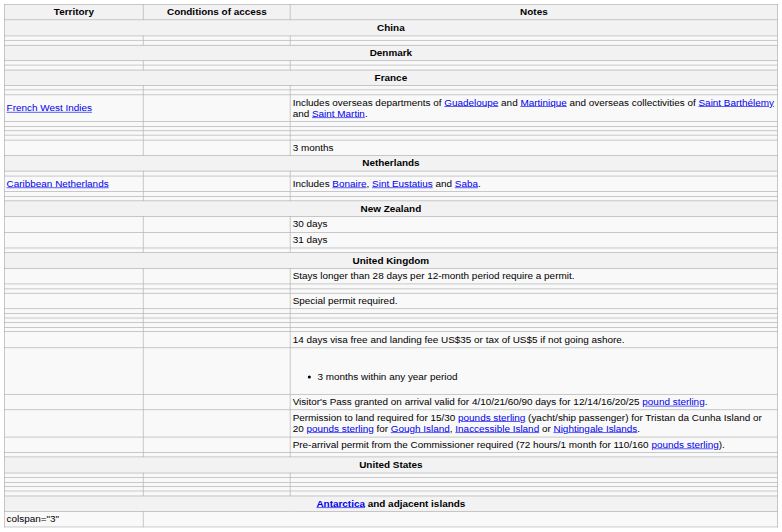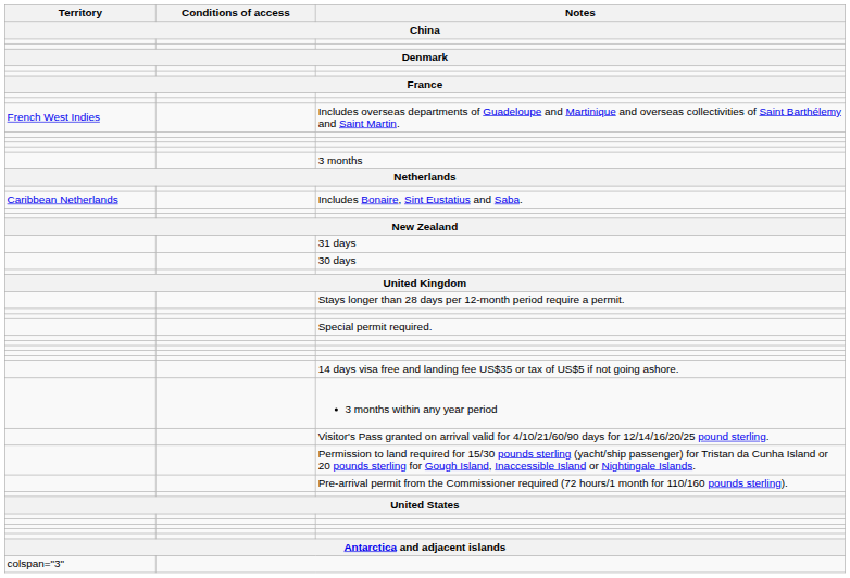 <table class="wikitable" style="text-align: left; table-layout: fixed;">
 <tr>
 <th style="width:18%;">Territory</th>
 <th style="width:19%;">Conditions of access</th>
 <th>Notes</th>
 </tr>
 <tr>
 <th colspan="3">China</th>
 </tr>
 <tr>
 <td></td>
 <td></td>
 <td></td>
 </tr>
 <tr>
 <td></td>
 <td></td>
 <td></td>
 </tr>
 <tr>
 <th colspan="3">Denmark</th>
 </tr>
 <tr>
 <td></td>
 <td></td>
 <td></td>
 </tr>
 <tr>
 <td></td>
 <td></td>
 <td></td>
 </tr>
 <tr>
 <th colspan="3">France</th>
 </tr>
 <tr>
 <td></td>
 <td></td>
 <td></td>
 </tr>
 <tr>
 <td></td>
 <td></td>
 <td></td>
 </tr>
 <tr>
 <td> <a href='#'>French West Indies</a></td>
 <td></td>
 <td>Includes overseas departments of <a href='#'>Guadeloupe</a> and <a href='#'>Martinique</a> and overseas collectivities of <a href='#'>Saint Barthélemy</a> and <a href='#'>Saint Martin</a>.</td>
 </tr>
 <tr>
 <td></td>
 <td></td>
 <td></td>
 </tr>
 <tr>
 <td></td>
 <td></td>
 <td></td>
 </tr>
 <tr>
 <td></td>
 <td></td>
 <td></td>
 </tr>
 <tr>
 <td></td>
 <td></td>
 <td></td>
 </tr>
 <tr>
 <td></td>
 <td></td>
 <td>3 months</td>
 </tr>
 <tr>
 <th colspan="3">Netherlands</th>
 </tr>
 <tr>
 <td></td>
 <td></td>
 <td></td>
 </tr>
 <tr>
 <td> <a href='#'>Caribbean Netherlands</a></td>
 <td></td>
 <td>Includes <a href='#'>Bonaire</a>, <a href='#'>Sint Eustatius</a> and <a href='#'>Saba</a>.</td>
 </tr>
 <tr>
 <td></td>
 <td></td>
 <td></td>
 </tr>
 <tr>
 <td></td>
 <td></td>
 <td></td>
 </tr>
 <tr>
 <th colspan="3">New Zealand</th>
 </tr>
 <tr>
 <td></td>
 <td></td>
-<td>30 days</td>
+<td>31 days</td>
 </tr>
 <tr>
 <td></td>
 <td></td>
-<td>31 days</td>
+<td>30 days</td>
 </tr>
 <tr>
 <td></td>
 <td></td>
 <td></td>
 </tr>
 <tr>
 <th colspan="3">United Kingdom</th>
 </tr>
 <tr>
 <td></td>
 <td></td>
 <td>Stays longer than 28 days per 12-month period require a permit.</td>
 </tr>
 <tr>
 <td></td>
 <td></td>
 <td></td>
 </tr>
 <tr>
 <td></td>
 <td></td>
 <td></td>
 </tr>
 <tr>
 <td></td>
 <td></td>
 <td>Special permit required.</td>
 </tr>
 <tr>
 <td></td>
 <td></td>
 <td></td>
 </tr>
 <tr>
 <td></td>
 <td></td>
 <td></td>
 </tr>
 <tr>
 <td></td>
 <td></td>
 <td></td>
 </tr>
 <tr>
 <td></td>
 <td></td>
 <td></td>
 </tr>
 <tr>
 <td></td>
 <td></td>
 <td></td>
 </tr>
 <tr>
 <td></td>
 <td></td>
 <td>14 days visa free and landing fee US$35 or tax of US$5 if not going ashore.</td>
 </tr>
 <tr>
 <td></td>
 <td></td>
 <td><br><ul><li>3 months within any year period</li></ul></td>
 </tr>
 <tr>
 <td></td>
 <td></td>
 <td>Visitor's Pass granted on arrival valid for 4/10/21/60/90 days for 12/14/16/20/25 <a href='#'>pound sterling</a>.</td>
 </tr>
 <tr>
 <td></td>
 <td></td>
 <td>Permission to land required for 15/30 <a href='#'>pounds sterling</a> (yacht/ship passenger) for Tristan da Cunha Island or 20 <a href='#'>pounds sterling</a> for <a href='#'>Gough Island</a>, <a href='#'>Inaccessible Island</a> or <a href='#'>Nightingale Islands</a>.</td>
 </tr>
 <tr>
 <td></td>
 <td></td>
 <td>Pre-arrival permit from the Commissioner required (72 hours/1 month for 110/160 <a href='#'>pounds sterling</a>).</td>
 </tr>
 <tr>
 <td></td>
 <td></td>
 <td></td>
 </tr>
 <tr>
 <th colspan="3">United States</th>
 </tr>
 <tr>
 <td></td>
 <td></td>
 <td></td>
 </tr>
 <tr>
 <td></td>
 <td></td>
 <td></td>
 </tr>
 <tr>
 <td></td>
 <td></td>
 <td></td>
 </tr>
 <tr>
 <td></td>
 <td></td>
 <td></td>
 </tr>
 <tr>
 <td></td>
 <td></td>
 <td></td>
 </tr>
 <tr>
 <th colspan="3"><a href='#'>Antarctica</a> and adjacent islands</th>
 </tr>
 <tr>
 <td>colspan="3" </td>
 </tr>
 </table>
